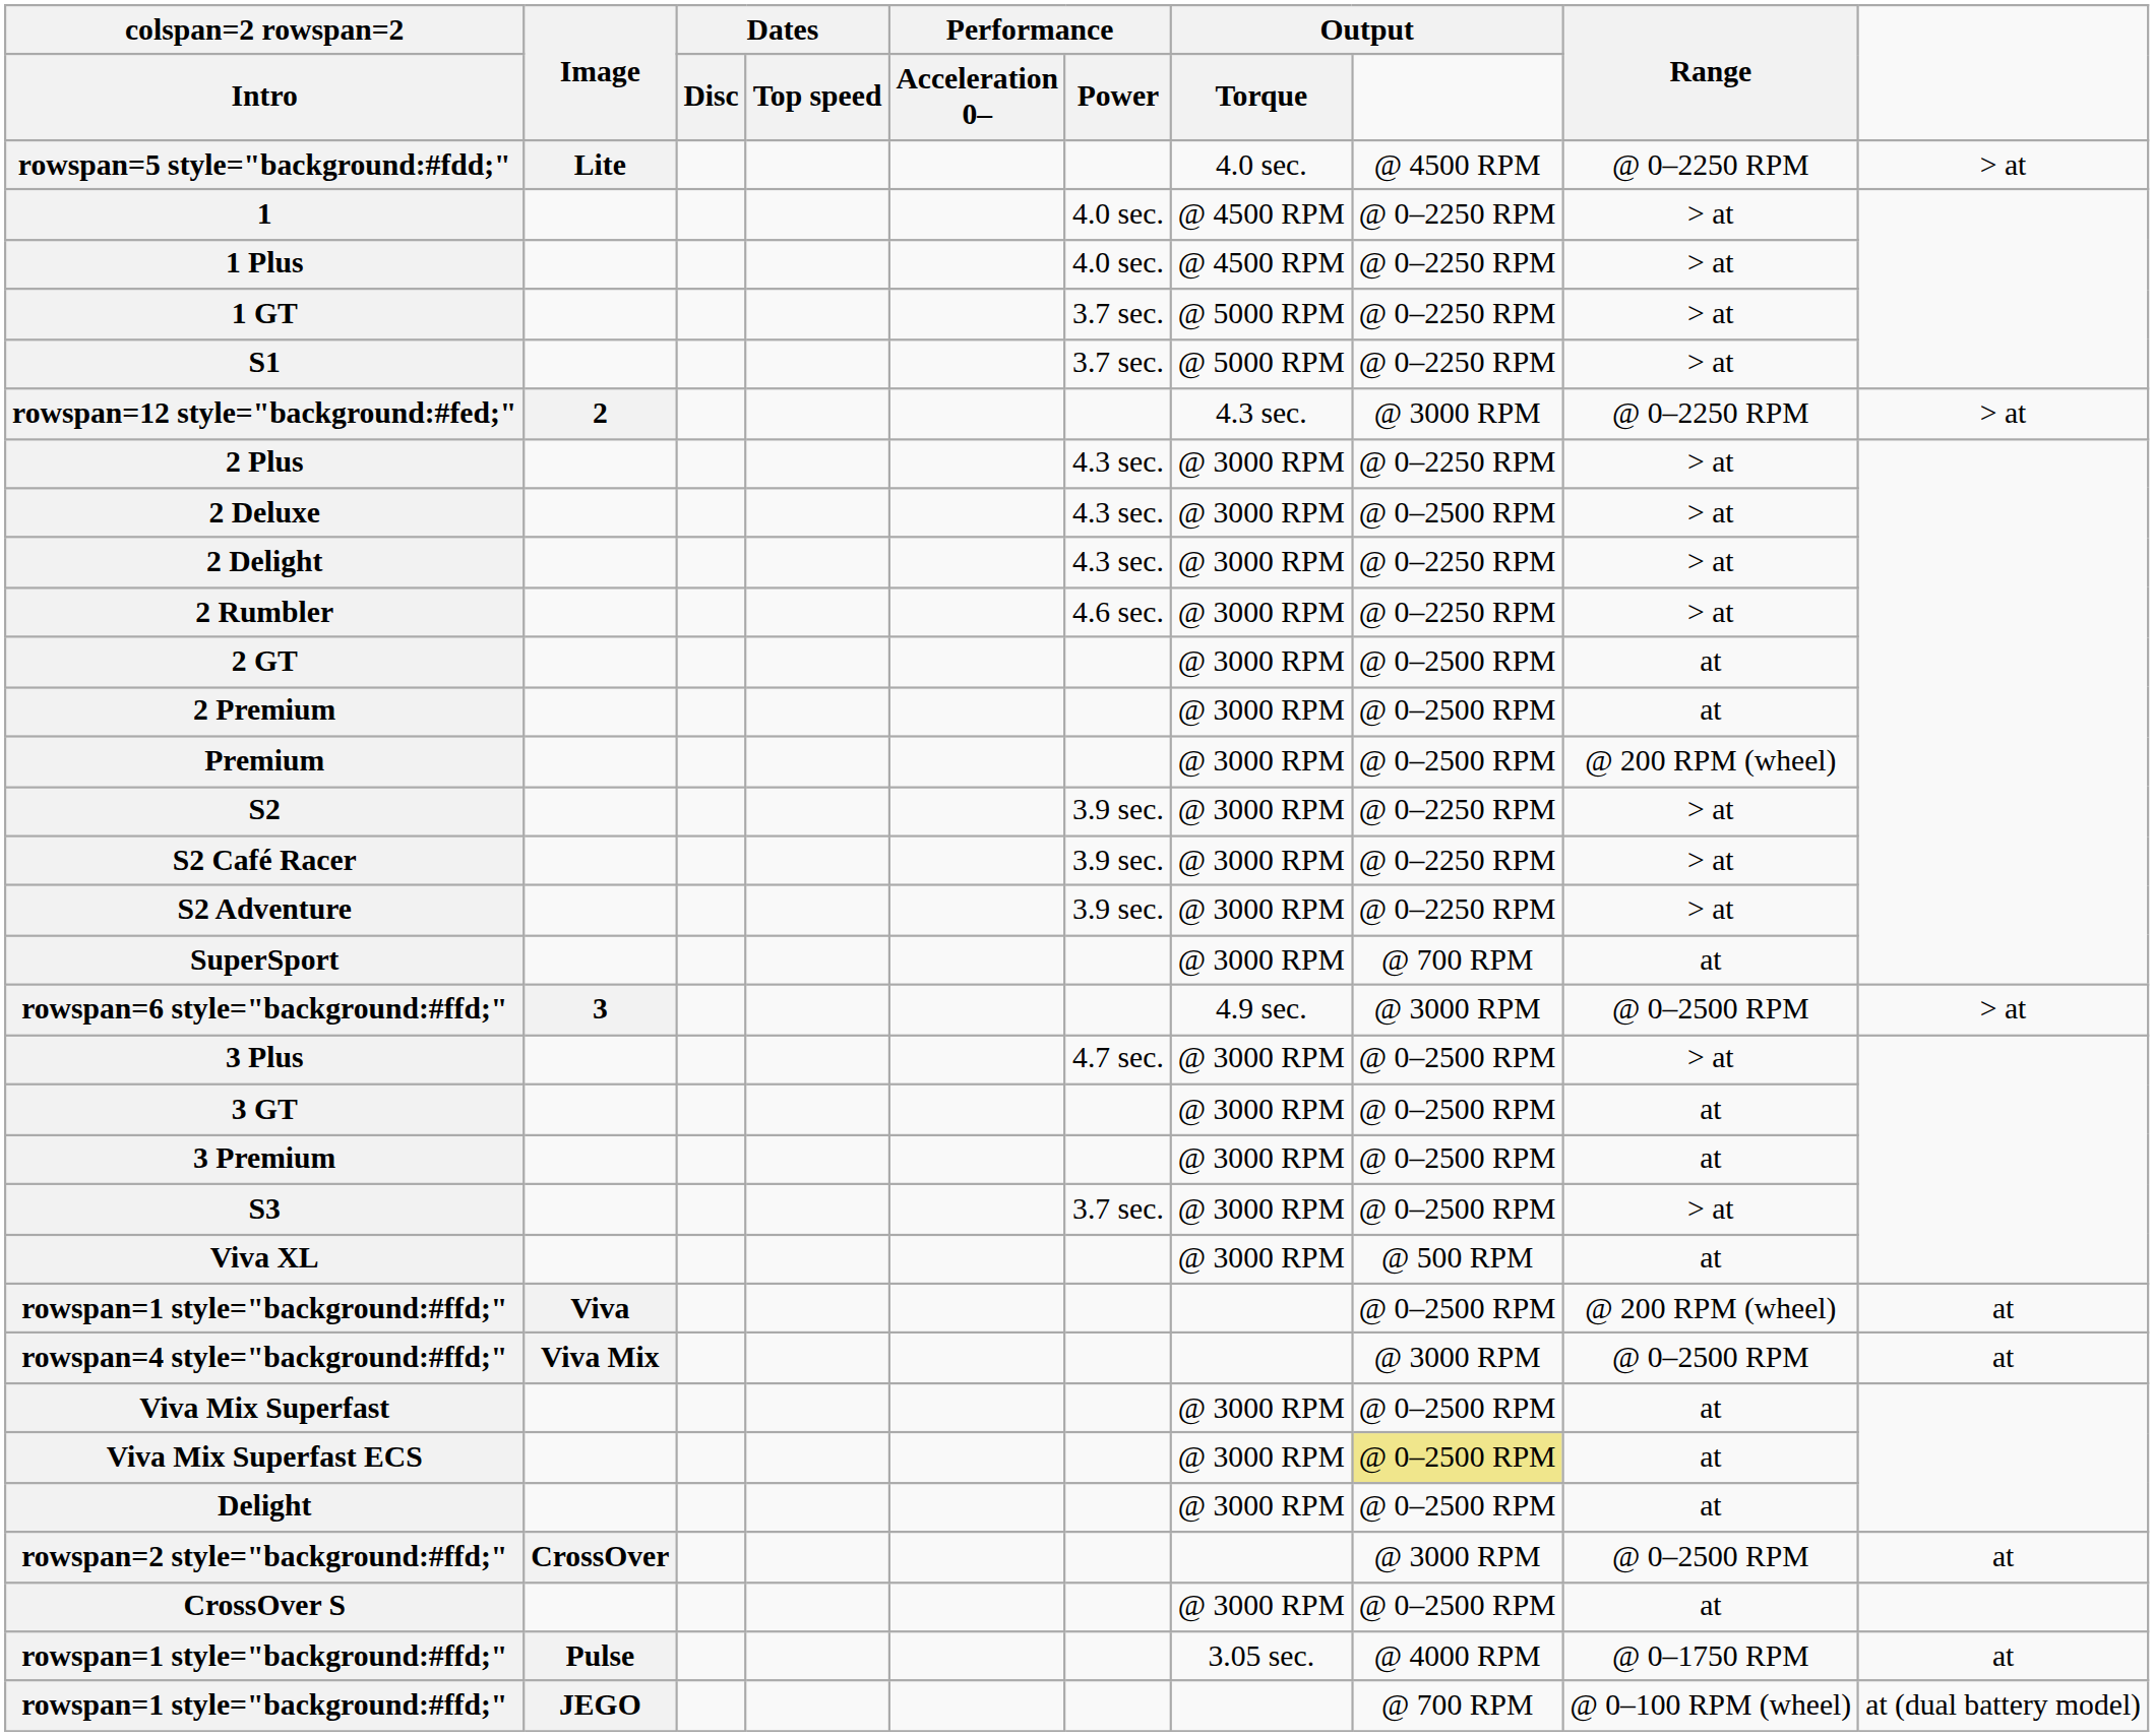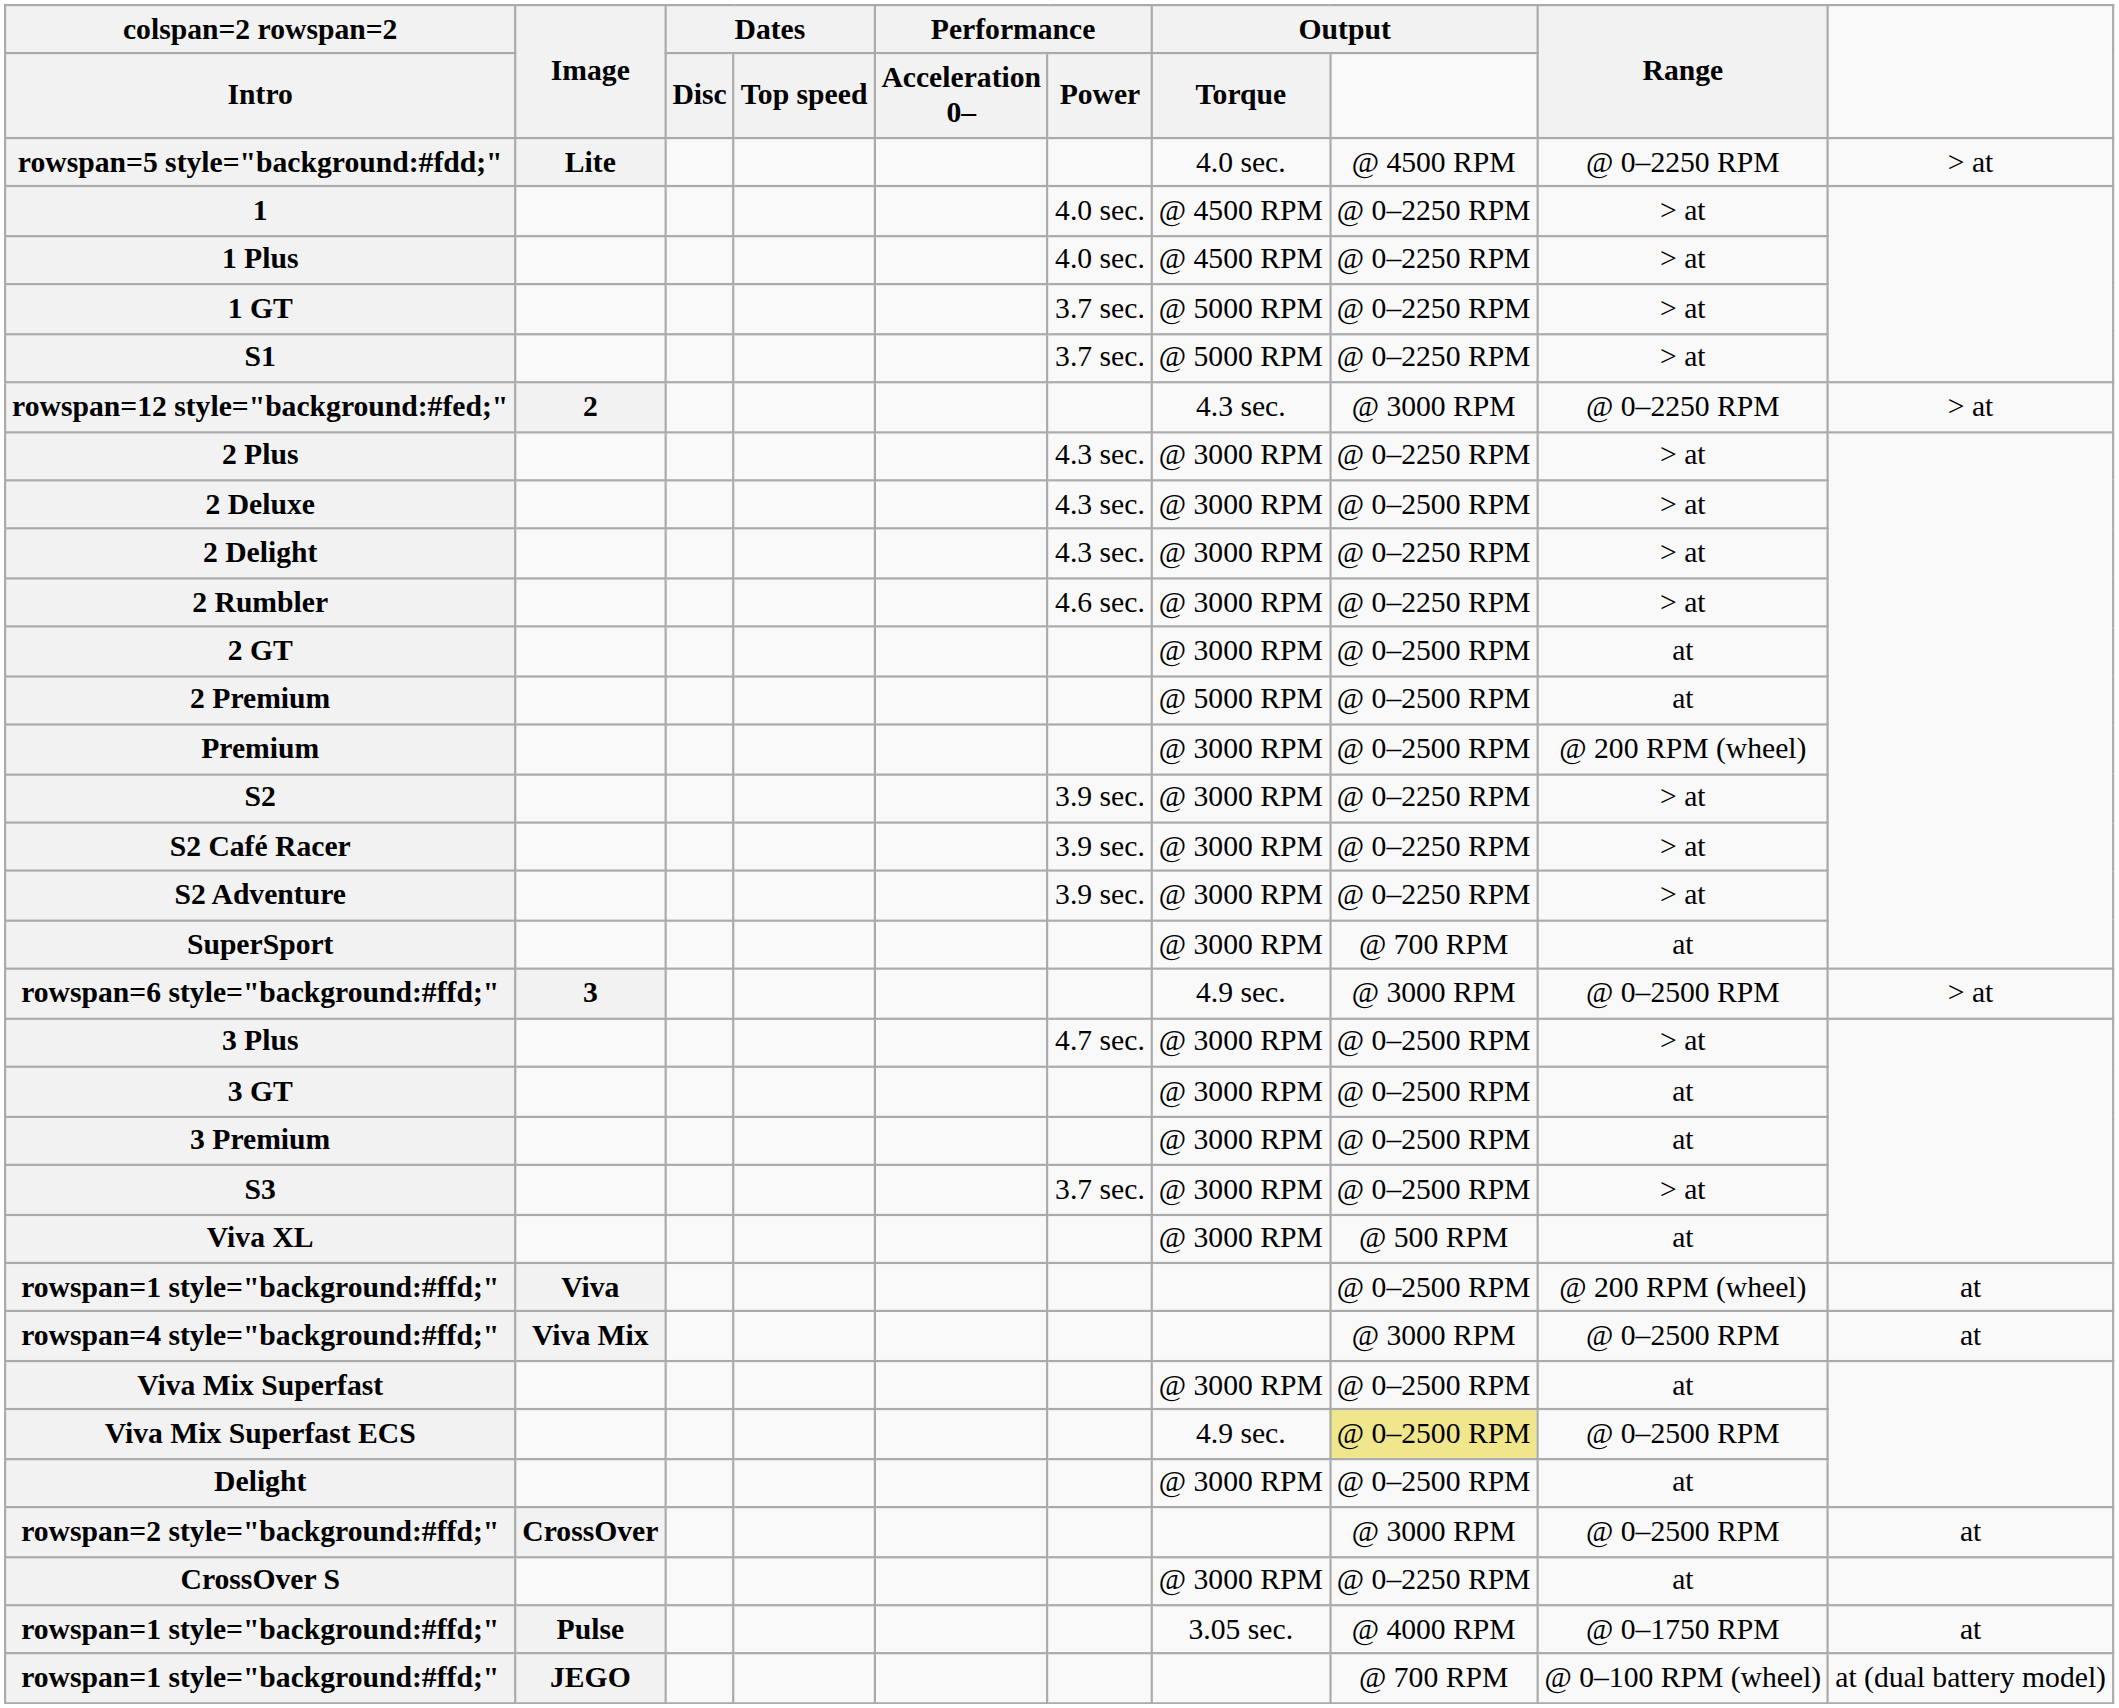 <table class="wikitable sortable" style="font-size:85%;text-align:center;">
 <tr>
 <th>colspan=2 rowspan=2 </th>
 <th rowspan=2 class=unsortable>Image</th>
 <th colspan=2>Dates</th>
 <th colspan=2>Performance</th>
 <th colspan=2>Output</th>
 <th rowspan=2>Range</th>
 </tr>
 <tr>
 <th>Intro</th>
 <th>Disc</th>
 <th>Top speed</th>
 <th>Acceleration<br>0–</th>
 <th>Power</th>
 <th>Torque</th>
 </tr>
 <tr>
 <th>rowspan=5 style="background:#fdd;" </th>
 <th>Lite</th>
 <td></td>
 <td></td>
 <td></td>
 <td></td>
 <td>4.0 sec.</td>
 <td> @ 4500 RPM</td>
 <td> @ 0–2250 RPM</td>
 <td>> at </td>
 </tr>
 <tr>
 <th>1</th>
 <td></td>
 <td></td>
 <td></td>
 <td></td>
 <td>4.0 sec.</td>
 <td> @ 4500 RPM</td>
 <td> @ 0–2250 RPM</td>
 <td>> at </td>
 </tr>
 <tr>
 <th>1 Plus</th>
 <td></td>
 <td></td>
 <td></td>
 <td></td>
 <td>4.0 sec.</td>
 <td> @ 4500 RPM</td>
 <td> @ 0–2250 RPM</td>
 <td>> at </td>
 </tr>
 <tr>
 <th>1 GT</th>
 <td></td>
 <td></td>
 <td></td>
 <td></td>
 <td>3.7 sec.</td>
 <td> @ 5000 RPM</td>
 <td> @ 0–2250 RPM</td>
 <td>> at </td>
 </tr>
 <tr>
 <th>S1</th>
 <td></td>
 <td></td>
 <td></td>
 <td></td>
 <td>3.7 sec.</td>
 <td> @ 5000 RPM</td>
 <td> @ 0–2250 RPM</td>
 <td>> at </td>
 </tr>
 <tr>
 <th>rowspan=12 style="background:#fed;" </th>
 <th>2</th>
 <td></td>
 <td></td>
 <td></td>
 <td></td>
 <td>4.3 sec.</td>
 <td> @ 3000 RPM</td>
 <td> @ 0–2250 RPM</td>
 <td>> at </td>
 </tr>
 <tr>
 <th>2 Plus</th>
 <td></td>
 <td></td>
 <td></td>
 <td></td>
 <td>4.3 sec.</td>
 <td> @ 3000 RPM</td>
 <td> @ 0–2250 RPM</td>
 <td>> at </td>
 </tr>
 <tr>
 <th>2 Deluxe</th>
 <td></td>
 <td></td>
 <td></td>
 <td></td>
 <td>4.3 sec.</td>
 <td> @ 3000 RPM</td>
 <td> @ 0–2500 RPM</td>
 <td>> at </td>
 </tr>
 <tr>
 <th>2 Delight</th>
 <td></td>
 <td></td>
 <td></td>
 <td></td>
 <td>4.3 sec.</td>
 <td> @ 3000 RPM</td>
 <td> @ 0–2250 RPM</td>
 <td>> at </td>
 </tr>
 <tr>
 <th>2 Rumbler</th>
 <td></td>
 <td></td>
 <td></td>
 <td></td>
 <td>4.6 sec.</td>
 <td> @ 3000 RPM</td>
 <td> @ 0–2250 RPM</td>
 <td>> at </td>
 </tr>
 <tr>
 <th>2 GT</th>
 <td></td>
 <td></td>
 <td></td>
 <td></td>
 <td></td>
 <td> @ 3000 RPM</td>
 <td> @ 0–2500 RPM</td>
 <td> at </td>
 </tr>
 <tr>
 <th>2 Premium</th>
 <td></td>
 <td></td>
 <td></td>
 <td></td>
 <td></td>
-<td> @ 3000 RPM</td>
+<td> @ 5000 RPM</td>
 <td> @ 0–2500 RPM</td>
 <td> at </td>
 </tr>
 <tr>
 <th>Premium</th>
 <td></td>
 <td></td>
 <td></td>
 <td></td>
 <td></td>
 <td> @ 3000 RPM</td>
 <td> @ 0–2500 RPM</td>
 <td> @ 200 RPM (wheel)</td>
 </tr>
 <tr>
 <th>S2</th>
 <td></td>
 <td></td>
 <td></td>
 <td></td>
 <td>3.9 sec.</td>
 <td> @ 3000 RPM</td>
 <td> @ 0–2250 RPM</td>
 <td>> at </td>
 </tr>
 <tr>
 <th>S2 Café Racer</th>
 <td></td>
 <td></td>
 <td></td>
 <td></td>
 <td>3.9 sec.</td>
 <td> @ 3000 RPM</td>
 <td> @ 0–2250 RPM</td>
 <td>> at </td>
 </tr>
 <tr>
 <th>S2 Adventure</th>
 <td></td>
 <td></td>
 <td></td>
 <td></td>
 <td>3.9 sec.</td>
 <td> @ 3000 RPM</td>
 <td> @ 0–2250 RPM</td>
 <td>> at </td>
 </tr>
 <tr>
 <th>SuperSport</th>
 <td></td>
 <td></td>
 <td></td>
 <td></td>
 <td></td>
 <td> @ 3000 RPM</td>
 <td> @ 700 RPM</td>
 <td> at </td>
 </tr>
 <tr>
 <th>rowspan=6 style="background:#ffd;" </th>
 <th>3</th>
 <td></td>
 <td></td>
 <td></td>
 <td></td>
 <td>4.9 sec.</td>
 <td> @ 3000 RPM</td>
 <td> @ 0–2500 RPM</td>
 <td>> at </td>
 </tr>
 <tr>
 <th>3 Plus</th>
 <td></td>
 <td></td>
 <td></td>
 <td></td>
 <td>4.7 sec.</td>
 <td> @ 3000 RPM</td>
 <td> @ 0–2500 RPM</td>
 <td>> at </td>
 </tr>
 <tr>
 <th>3 GT</th>
 <td></td>
 <td></td>
 <td></td>
 <td></td>
 <td></td>
 <td> @ 3000 RPM</td>
 <td> @ 0–2500 RPM</td>
 <td> at </td>
 </tr>
 <tr>
 <th>3 Premium</th>
 <td></td>
 <td></td>
 <td></td>
 <td></td>
 <td></td>
 <td> @ 3000 RPM</td>
 <td> @ 0–2500 RPM</td>
 <td> at </td>
 </tr>
 <tr>
 <th>S3</th>
 <td></td>
 <td></td>
 <td></td>
 <td></td>
 <td>3.7 sec.</td>
 <td> @ 3000 RPM</td>
 <td> @ 0–2500 RPM</td>
 <td>> at </td>
 </tr>
 <tr>
 <th>Viva XL</th>
 <td></td>
 <td></td>
 <td></td>
 <td></td>
 <td></td>
 <td> @ 3000 RPM</td>
 <td> @ 500 RPM</td>
 <td> at </td>
 </tr>
 <tr>
 <th>rowspan=1 style="background:#ffd;" </th>
 <th>Viva</th>
 <td></td>
 <td></td>
 <td></td>
 <td></td>
 <td></td>
 <td> @ 0–2500 RPM</td>
 <td> @ 200 RPM (wheel)</td>
 <td> at </td>
 </tr>
 <tr>
 <th>rowspan=4 style="background:#ffd;" </th>
 <th>Viva Mix</th>
 <td></td>
 <td></td>
 <td></td>
 <td></td>
 <td></td>
 <td> @ 3000 RPM</td>
 <td> @ 0–2500 RPM</td>
 <td> at </td>
 </tr>
 <tr>
 <th>Viva Mix Superfast</th>
 <td></td>
 <td></td>
 <td></td>
 <td></td>
 <td></td>
 <td> @ 3000 RPM</td>
 <td> @ 0–2500 RPM</td>
 <td> at </td>
 </tr>
 <tr>
 <th>Viva Mix Superfast ECS</th>
 <td></td>
 <td></td>
 <td></td>
 <td></td>
 <td></td>
-<td> @ 3000 RPM</td>
+<td>4.9 sec.</td>
 <td style="background: khaki;"> @ 0–2500 RPM</td>
-<td> at </td>
+<td> @ 0–2500 RPM</td>
 </tr>
 <tr>
 <th>Delight</th>
 <td></td>
 <td></td>
 <td></td>
 <td></td>
 <td></td>
 <td> @ 3000 RPM</td>
 <td> @ 0–2500 RPM</td>
 <td> at </td>
 </tr>
 <tr>
 <th>rowspan=2 style="background:#ffd;" </th>
 <th>CrossOver</th>
 <td></td>
 <td></td>
 <td></td>
 <td></td>
 <td></td>
 <td> @ 3000 RPM</td>
 <td> @ 0–2500 RPM</td>
 <td> at </td>
 </tr>
 <tr>
 <th>CrossOver S</th>
 <td></td>
 <td></td>
 <td></td>
 <td></td>
 <td></td>
 <td> @ 3000 RPM</td>
-<td> @ 0–2500 RPM</td>
+<td> @ 0–2250 RPM</td>
 <td> at </td>
 </tr>
 <tr>
 <th>rowspan=1 style="background:#ffd;" </th>
 <th>Pulse</th>
 <td></td>
 <td></td>
 <td></td>
 <td></td>
 <td>3.05 sec.</td>
 <td> @ 4000 RPM</td>
 <td> @ 0–1750 RPM</td>
 <td> at </td>
 </tr>
 <tr>
 <th>rowspan=1 style="background:#ffd;" </th>
 <th>JEGO</th>
 <td></td>
 <td></td>
 <td></td>
 <td></td>
 <td></td>
 <td> @ 700 RPM</td>
 <td> @ 0–100 RPM (wheel)</td>
 <td> at  (dual battery model)</td>
 </tr>
 </table>
